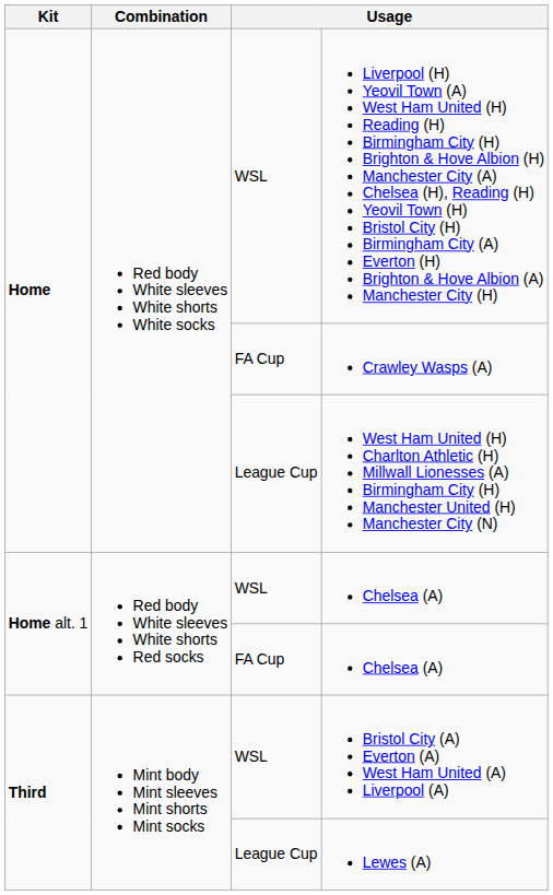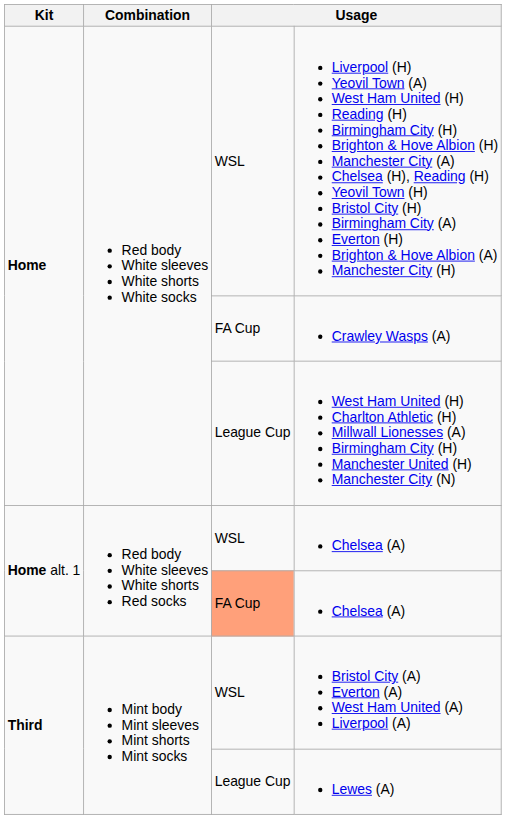 <table class="wikitable">
 <tr>
 <th>Kit</th>
 <th>Combination</th>
 <th colspan="2">Usage</th>
 </tr>
 <tr>
 <td rowspan="3"><strong>Home</strong></td>
 <td rowspan="3"><br><ul><li>Red body</li><li>White sleeves</li><li>White shorts</li><li>White socks</li></ul></td>
 <td>WSL</td>
 <td><br><ul><li><a href='#'>Liverpool</a> (H)</li><li><a href='#'>Yeovil Town</a> (A)</li><li><a href='#'>West Ham United</a> (H)</li><li><a href='#'>Reading</a> (H)</li><li><a href='#'>Birmingham City</a> (H)</li><li><a href='#'>Brighton & Hove Albion</a> (H)</li><li><a href='#'>Manchester City</a> (A)</li><li><a href='#'>Chelsea</a> (H), <a href='#'>Reading</a> (H)</li><li><a href='#'>Yeovil Town</a> (H)</li><li><a href='#'>Bristol City</a> (H)</li><li><a href='#'>Birmingham City</a> (A)</li><li><a href='#'>Everton</a> (H)</li><li><a href='#'>Brighton & Hove Albion</a> (A)</li><li><a href='#'>Manchester City</a> (H)</li></ul></td>
 </tr>
 <tr>
 <td>FA Cup</td>
 <td><br><ul><li><a href='#'>Crawley Wasps</a> (A)</li></ul></td>
 </tr>
 <tr>
 <td>League Cup</td>
 <td><br><ul><li><a href='#'>West Ham United</a> (H)</li><li><a href='#'>Charlton Athletic</a> (H)</li><li><a href='#'>Millwall Lionesses</a> (A)</li><li><a href='#'>Birmingham City</a> (H)</li><li><a href='#'>Manchester United</a> (H)</li><li><a href='#'>Manchester City</a> (N)</li></ul></td>
 </tr>
 <tr>
 <td rowspan="2"><strong>Home</strong> alt. 1</td>
 <td rowspan="2"><br><ul><li>Red body</li><li>White sleeves</li><li>White shorts</li><li>Red socks</li></ul></td>
 <td>WSL</td>
 <td><br><ul><li><a href='#'>Chelsea</a> (A)</li></ul></td>
 </tr>
 <tr>
-<td>FA Cup</td>
+<td style="background: lightsalmon;">FA Cup</td>
 <td><br><ul><li><a href='#'>Chelsea</a> (A)</li></ul></td>
 </tr>
 <tr>
 <td rowspan="2"><strong>Third</strong></td>
 <td rowspan="2"><br><ul><li>Mint body</li><li>Mint sleeves</li><li>Mint shorts</li><li>Mint socks</li></ul></td>
 <td>WSL</td>
 <td><br><ul><li><a href='#'>Bristol City</a> (A)</li><li><a href='#'>Everton</a> (A)</li><li><a href='#'>West Ham United</a> (A)</li><li><a href='#'>Liverpool</a> (A)</li></ul></td>
 </tr>
 <tr>
 <td>League Cup</td>
 <td><br><ul><li><a href='#'>Lewes</a> (A)</li></ul></td>
 </tr>
 </table>
